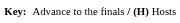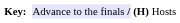 <table style="font-size: 90%;">
 <tr>
 <td height=5></td>
 </tr>
 <tr>
 <td><strong>Key:</strong></td>
 <td></td>
-<td>Advance to the finals <strong>/</strong></td>
+<td style="background: lavender;">Advance to the finals <strong>/</strong></td>
 <td style="background:"><strong>(H)</strong></td>
 <td>Hosts</td>
 </tr>
 </table>
